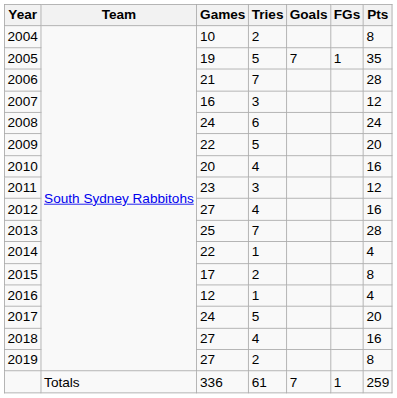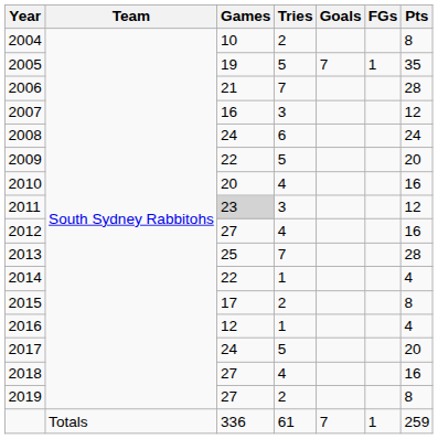 <table class="wikitable">
 <tr>
 <th>Year</th>
 <th>Team</th>
 <th>Games</th>
 <th>Tries</th>
 <th>Goals</th>
 <th>FGs</th>
 <th>Pts</th>
 </tr>
 <tr>
 <td>2004</td>
 <td rowspan="16"> <a href='#'>South Sydney Rabbitohs</a></td>
 <td>10</td>
 <td>2</td>
 <td></td>
 <td></td>
 <td>8</td>
 </tr>
 <tr>
 <td>2005</td>
 <td>19</td>
 <td>5</td>
 <td>7</td>
 <td>1</td>
 <td>35</td>
 </tr>
 <tr>
 <td>2006</td>
 <td>21</td>
 <td>7</td>
 <td></td>
 <td></td>
 <td>28</td>
 </tr>
 <tr>
 <td>2007</td>
 <td>16</td>
 <td>3</td>
 <td></td>
 <td></td>
 <td>12</td>
 </tr>
 <tr>
 <td>2008</td>
 <td>24</td>
 <td>6</td>
 <td></td>
 <td></td>
 <td>24</td>
 </tr>
 <tr>
 <td>2009</td>
 <td>22</td>
 <td>5</td>
 <td></td>
 <td></td>
 <td>20</td>
 </tr>
 <tr>
 <td>2010</td>
 <td>20</td>
 <td>4</td>
 <td></td>
 <td></td>
 <td>16</td>
 </tr>
 <tr>
 <td>2011</td>
-<td>23</td>
+<td style="background: lightgrey;">23</td>
 <td>3</td>
 <td></td>
 <td></td>
 <td>12</td>
 </tr>
 <tr>
 <td>2012</td>
 <td>27</td>
 <td>4</td>
 <td></td>
 <td></td>
 <td>16</td>
 </tr>
 <tr>
 <td>2013</td>
 <td>25</td>
 <td>7</td>
 <td></td>
 <td></td>
 <td>28</td>
 </tr>
 <tr>
 <td>2014</td>
 <td>22</td>
 <td>1</td>
 <td></td>
 <td></td>
 <td>4</td>
 </tr>
 <tr>
 <td>2015</td>
 <td>17</td>
 <td>2</td>
 <td></td>
 <td></td>
 <td>8</td>
 </tr>
 <tr>
 <td>2016</td>
 <td>12</td>
 <td>1</td>
 <td></td>
 <td></td>
 <td>4</td>
 </tr>
 <tr>
 <td>2017</td>
 <td>24</td>
 <td>5</td>
 <td></td>
 <td></td>
 <td>20</td>
 </tr>
 <tr>
 <td>2018</td>
 <td>27</td>
 <td>4</td>
 <td></td>
 <td></td>
 <td>16</td>
 </tr>
 <tr>
 <td>2019</td>
 <td>27</td>
 <td>2</td>
 <td></td>
 <td></td>
 <td>8</td>
 </tr>
 <tr>
 <td></td>
 <td>Totals</td>
 <td>336</td>
 <td>61</td>
 <td>7</td>
 <td>1</td>
 <td>259</td>
 </tr>
 </table>
